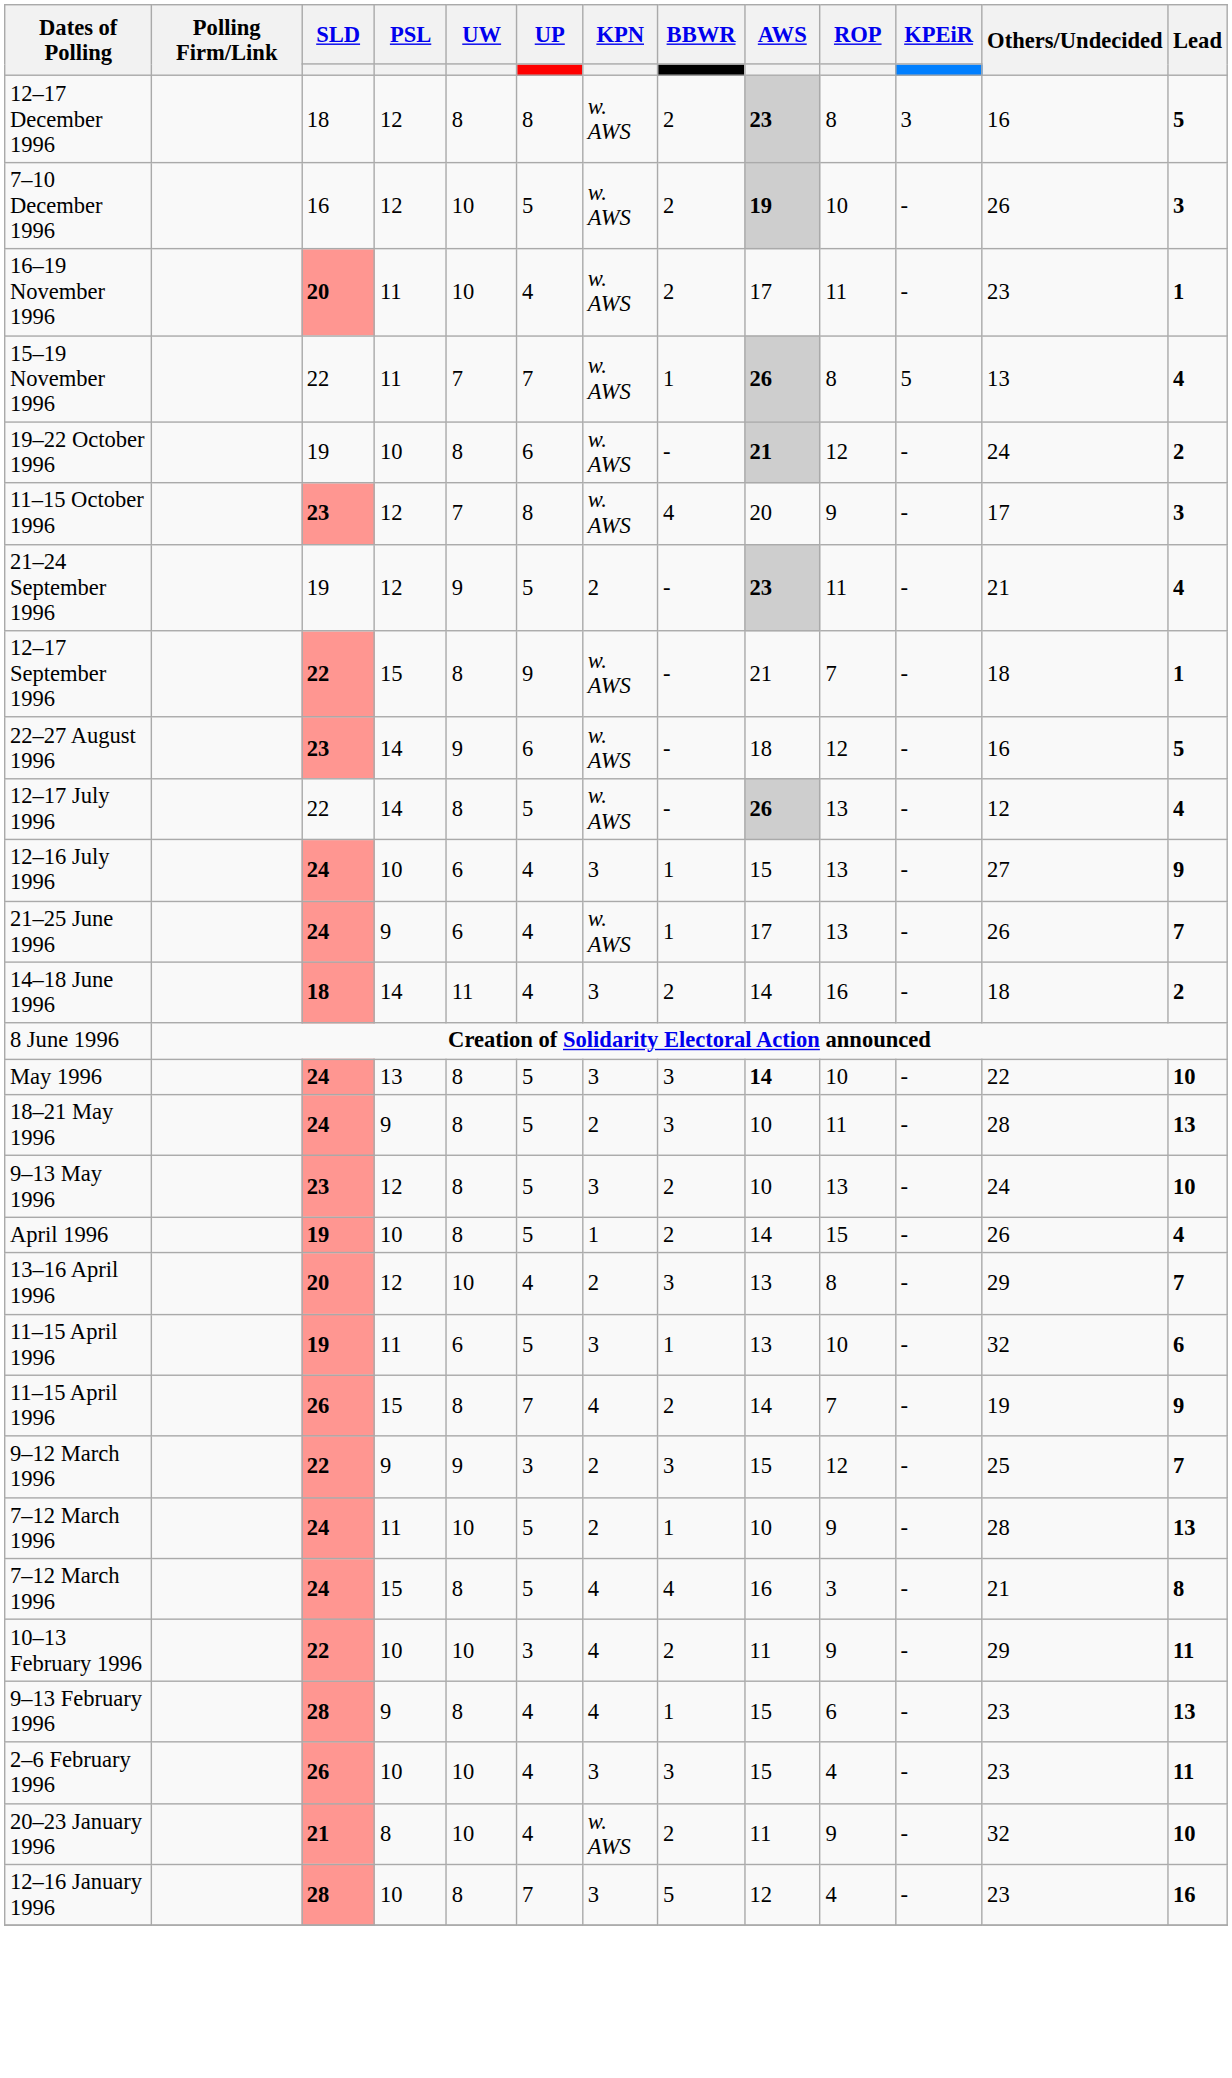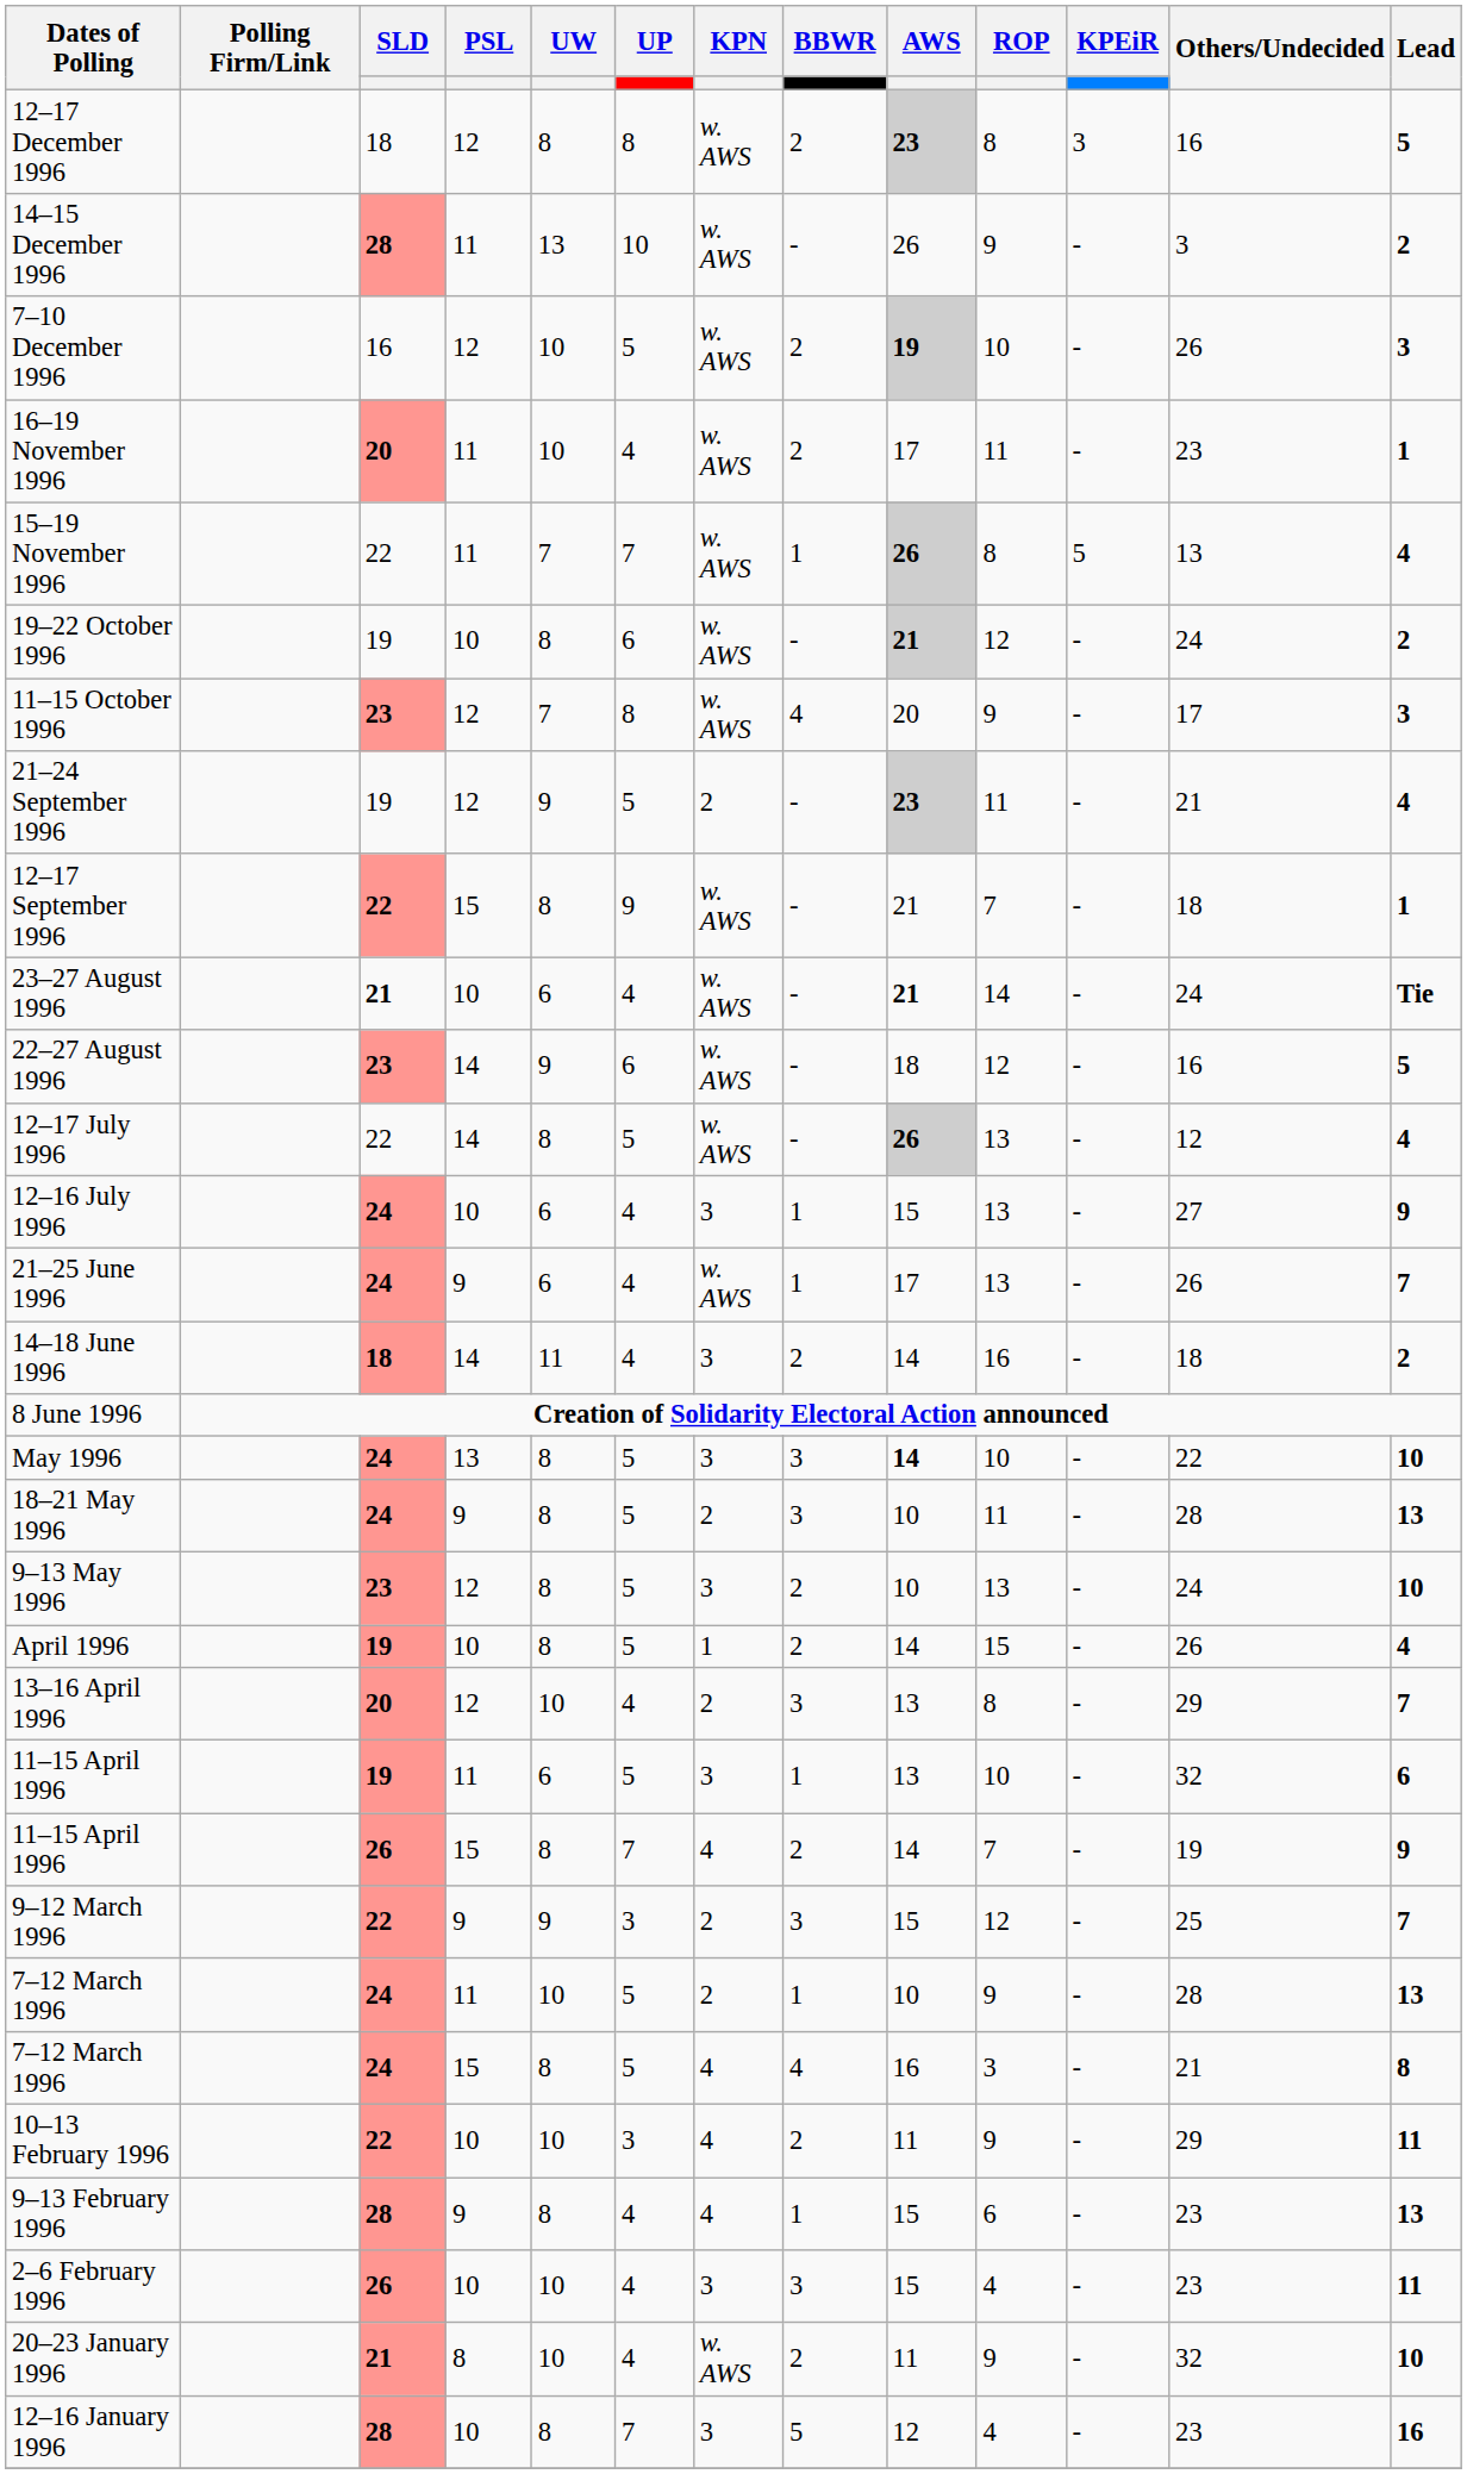 <table class="wikitable sortable collapsible">
 <tr style="height:42px; text-align:center; background-color:#E9E9E9">
 <th rowspan="2" data-sort-type="date" style="width:130px;">Dates of Polling</th>
 <th rowspan="2" style="width:130px;">Polling Firm/Link</th>
 <th style="width:60px;" class="unsortable"><a href='#'>SLD</a></th>
 <th style="width:60px;" class="unsortable"><a href='#'>PSL</a></th>
 <th style="width:60px;" class="unsortable"><a href='#'>UW</a></th>
 <th style="width:60px;" class="unsortable"><a href='#'>UP</a></th>
 <th style="width:60px;" class="unsortable"><a href='#'>KPN</a></th>
 <th style="width:60px;" class="unsortable"><a href='#'>BBWR</a></th>
 <th style="width:60px;" class="unsortable"><a href='#'>AWS</a></th>
 <th style="width:60px;" class="unsortable"><a href='#'>ROP</a></th>
 <th style="width:60px;" class="unsortable"><a href='#'>KPEiR</a></th>
 <th rowspan="2" data-sort-type="number" style="width:40px;">Others/Undecided</th>
 <th rowspan="2" data-sort-type="number" style="width:30px;">Lead</th>
 </tr>
 <tr>
 <th data-sort-type="number" style="height:1px; background:"></th>
 <th data-sort-type="number" style="height:1px; background:"></th>
 <th data-sort-type="number" style="height:1px; background:"></th>
 <th data-sort-type="number" style="height:1px; background:Red;"></th>
 <th data-sort-type="number" style="height:1px; background:"></th>
 <th data-sort-type="number" style="height:1px; background:Black;"></th>
 <th data-sort-type="number" style="height:1px; background:"></th>
 <th data-sort-type="number" style="height:1px; background:"></th>
 <th data-sort-type="number" style="height:1px; background:#007FFF;"></th>
 </tr>
 <tr>
 <td>12–17 December 1996</td>
 <td></td>
 <td>18</td>
 <td>12</td>
 <td>8</td>
 <td>8</td>
 <td><em>w. AWS</em></td>
 <td>2</td>
 <td style="background:#CECECE"><strong>23</strong></td>
 <td>8</td>
 <td>3</td>
 <td>16</td>
 <td style="background:"><strong>5</strong></td>
+</tr>
+<tr>
+<td>14–15 December 1996</td>
+<td></td>
+<td style="background:#FF9691"><strong>28</strong></td>
+<td>11</td>
+<td>13</td>
+<td>10</td>
+<td><em>w. AWS</em></td>
+<td>-</td>
+<td>26</td>
+<td>9</td>
+<td>-</td>
+<td>3</td>
+<td style="background:"><strong>2</strong></td>
 </tr>
 <tr>
 <td>7–10 December 1996</td>
 <td></td>
 <td>16</td>
 <td>12</td>
 <td>10</td>
 <td>5</td>
 <td><em>w. AWS</em></td>
 <td>2</td>
 <td style="background:#CECECE"><strong>19</strong></td>
 <td>10</td>
 <td>-</td>
 <td>26</td>
 <td style="background:"><strong>3</strong></td>
 </tr>
 <tr>
 <td>16–19 November 1996</td>
 <td></td>
 <td style="background:#FF9691"><strong>20</strong></td>
 <td>11</td>
 <td>10</td>
 <td>4</td>
 <td><em>w. AWS</em></td>
 <td>2</td>
 <td>17</td>
 <td>11</td>
 <td>-</td>
 <td>23</td>
 <td style="background:"><strong>1</strong></td>
 </tr>
 <tr>
 <td>15–19 November 1996</td>
 <td></td>
 <td>22</td>
 <td>11</td>
 <td>7</td>
 <td>7</td>
 <td><em>w. AWS</em></td>
 <td>1</td>
 <td style="background:#CECECE"><strong>26</strong></td>
 <td>8</td>
 <td>5</td>
 <td>13</td>
 <td style="background:"><strong>4</strong></td>
 </tr>
 <tr>
 <td>19–22 October 1996</td>
 <td></td>
 <td>19</td>
 <td>10</td>
 <td>8</td>
 <td>6</td>
 <td><em>w. AWS</em></td>
 <td>-</td>
 <td style="background:#CECECE"><strong>21</strong></td>
 <td>12</td>
 <td>-</td>
 <td>24</td>
 <td style="background:"><strong>2</strong></td>
 </tr>
 <tr>
 <td>11–15 October 1996</td>
 <td></td>
 <td style="background:#FF9691"><strong>23</strong></td>
 <td>12</td>
 <td>7</td>
 <td>8</td>
 <td><em>w. AWS</em></td>
 <td>4</td>
 <td>20</td>
 <td>9</td>
 <td>-</td>
 <td>17</td>
 <td style="background:"><strong>3</strong></td>
 </tr>
 <tr>
 <td>21–24 September 1996</td>
 <td></td>
 <td>19</td>
 <td>12</td>
 <td>9</td>
 <td>5</td>
 <td>2</td>
 <td>-</td>
 <td style="background:#CECECE"><strong>23</strong></td>
 <td>11</td>
 <td>-</td>
 <td>21</td>
 <td style="background:"><strong>4</strong></td>
 </tr>
 <tr>
 <td>12–17 September 1996</td>
 <td></td>
 <td style="background:#FF9691"><strong>22</strong></td>
 <td>15</td>
 <td>8</td>
 <td>9</td>
 <td><em>w. AWS</em></td>
 <td>-</td>
 <td>21</td>
 <td>7</td>
 <td>-</td>
 <td>18</td>
 <td style="background:"><strong>1</strong></td>
+</tr>
+<tr>
+<td>23–27 August 1996</td>
+<td></td>
+<td><strong>21</strong></td>
+<td>10</td>
+<td>6</td>
+<td>4</td>
+<td><em>w. AWS</em></td>
+<td>-</td>
+<td><strong>21</strong></td>
+<td>14</td>
+<td>-</td>
+<td>24</td>
+<td><strong>Tie</strong></td>
 </tr>
 <tr>
 <td>22–27 August 1996</td>
 <td></td>
 <td style="background:#FF9691"><strong>23</strong></td>
 <td>14</td>
 <td>9</td>
 <td>6</td>
 <td><em>w. AWS</em></td>
 <td>-</td>
 <td>18</td>
 <td>12</td>
 <td>-</td>
 <td>16</td>
 <td style="background:"><strong>5</strong></td>
 </tr>
 <tr>
 <td>12–17 July 1996</td>
 <td></td>
 <td>22</td>
 <td>14</td>
 <td>8</td>
 <td>5</td>
 <td><em>w. AWS</em></td>
 <td>-</td>
 <td style="background:#CECECE"><strong>26</strong></td>
 <td>13</td>
 <td>-</td>
 <td>12</td>
 <td style="background:"><strong>4</strong></td>
 </tr>
 <tr>
 <td>12–16 July 1996</td>
 <td></td>
 <td style="background:#FF9691"><strong>24</strong></td>
 <td>10</td>
 <td>6</td>
 <td>4</td>
 <td>3</td>
 <td>1</td>
 <td>15</td>
 <td>13</td>
 <td>-</td>
 <td>27</td>
 <td style="background:"><strong>9</strong></td>
 </tr>
 <tr>
 <td>21–25 June 1996</td>
 <td></td>
 <td style="background:#FF9691"><strong>24</strong></td>
 <td>9</td>
 <td>6</td>
 <td>4</td>
 <td><em>w. AWS</em></td>
 <td>1</td>
 <td>17</td>
 <td>13</td>
 <td>-</td>
 <td>26</td>
 <td style="background:"><strong>7</strong></td>
 </tr>
 <tr>
 <td>14–18 June 1996</td>
 <td></td>
 <td style="background:#FF9691"><strong>18</strong></td>
 <td>14</td>
 <td>11</td>
 <td>4</td>
 <td>3</td>
 <td>2</td>
 <td>14</td>
 <td>16</td>
 <td>-</td>
 <td>18</td>
 <td style="background:"><strong>2</strong></td>
 </tr>
 <tr>
 <td>8 June 1996</td>
 <td colspan="12" style="text-align:center"><strong>Creation of <a href='#'>Solidarity Electoral Action</a> announced</strong></td>
 </tr>
 <tr>
 <td>May 1996</td>
 <td></td>
 <td style="background:#FF9691"><strong>24</strong></td>
 <td>13</td>
 <td>8</td>
 <td>5</td>
 <td>3</td>
 <td>3</td>
 <td><strong>14</strong></td>
 <td>10</td>
 <td>-</td>
 <td>22</td>
 <td style="background:"><strong>10</strong></td>
 </tr>
 <tr>
 <td>18–21 May 1996</td>
 <td></td>
 <td style="background:#FF9691"><strong>24</strong></td>
 <td>9</td>
 <td>8</td>
 <td>5</td>
 <td>2</td>
 <td>3</td>
 <td>10</td>
 <td>11</td>
 <td>-</td>
 <td>28</td>
 <td style="background:"><strong>13</strong></td>
 </tr>
 <tr>
 <td>9–13 May 1996</td>
 <td></td>
 <td style="background:#FF9691"><strong>23</strong></td>
 <td>12</td>
 <td>8</td>
 <td>5</td>
 <td>3</td>
 <td>2</td>
 <td>10</td>
 <td>13</td>
 <td>-</td>
 <td>24</td>
 <td style="background:"><strong>10</strong></td>
 </tr>
 <tr>
 <td>April 1996</td>
 <td></td>
 <td style="background:#FF9691"><strong>19</strong></td>
 <td>10</td>
 <td>8</td>
 <td>5</td>
 <td>1</td>
 <td>2</td>
 <td>14</td>
 <td>15</td>
 <td>-</td>
 <td>26</td>
 <td style="background:"><strong>4</strong></td>
 </tr>
 <tr>
 <td>13–16 April 1996</td>
 <td></td>
 <td style="background:#FF9691"><strong>20</strong></td>
 <td>12</td>
 <td>10</td>
 <td>4</td>
 <td>2</td>
 <td>3</td>
 <td>13</td>
 <td>8</td>
 <td>-</td>
 <td>29</td>
 <td style="background:"><strong>7</strong></td>
 </tr>
 <tr>
 <td>11–15 April 1996</td>
 <td></td>
 <td style="background:#FF9691"><strong>19</strong></td>
 <td>11</td>
 <td>6</td>
 <td>5</td>
 <td>3</td>
 <td>1</td>
 <td>13</td>
 <td>10</td>
 <td>-</td>
 <td>32</td>
 <td style="background:"><strong>6</strong></td>
 </tr>
 <tr>
 <td>11–15 April 1996</td>
 <td></td>
 <td style="background:#FF9691"><strong>26</strong></td>
 <td>15</td>
 <td>8</td>
 <td>7</td>
 <td>4</td>
 <td>2</td>
 <td>14</td>
 <td>7</td>
 <td>-</td>
 <td>19</td>
 <td style="background:"><strong>9</strong></td>
 </tr>
 <tr>
 <td>9–12 March 1996</td>
 <td></td>
 <td style="background:#FF9691"><strong>22</strong></td>
 <td>9</td>
 <td>9</td>
 <td>3</td>
 <td>2</td>
 <td>3</td>
 <td>15</td>
 <td>12</td>
 <td>-</td>
 <td>25</td>
 <td style="background:"><strong>7</strong></td>
 </tr>
 <tr>
 <td>7–12 March 1996</td>
 <td></td>
 <td style="background:#FF9691"><strong>24</strong></td>
 <td>11</td>
 <td>10</td>
 <td>5</td>
 <td>2</td>
 <td>1</td>
 <td>10</td>
 <td>9</td>
 <td>-</td>
 <td>28</td>
 <td style="background:"><strong>13</strong></td>
 </tr>
 <tr>
 <td>7–12 March 1996</td>
 <td></td>
 <td style="background:#FF9691"><strong>24</strong></td>
 <td>15</td>
 <td>8</td>
 <td>5</td>
 <td>4</td>
 <td>4</td>
 <td>16</td>
 <td>3</td>
 <td>-</td>
 <td>21</td>
 <td style="background:"><strong>8</strong></td>
 </tr>
 <tr>
 <td>10–13 February 1996</td>
 <td></td>
 <td style="background:#FF9691"><strong>22</strong></td>
 <td>10</td>
 <td>10</td>
 <td>3</td>
 <td>4</td>
 <td>2</td>
 <td>11</td>
 <td>9</td>
 <td>-</td>
 <td>29</td>
 <td style="background:"><strong>11</strong></td>
 </tr>
 <tr>
 <td>9–13 February 1996</td>
 <td></td>
 <td style="background:#FF9691"><strong>28</strong></td>
 <td>9</td>
 <td>8</td>
 <td>4</td>
 <td>4</td>
 <td>1</td>
 <td>15</td>
 <td>6</td>
 <td>-</td>
 <td>23</td>
 <td style="background:"><strong>13</strong></td>
 </tr>
 <tr>
 <td>2–6 February 1996</td>
 <td></td>
 <td style="background:#FF9691"><strong>26</strong></td>
 <td>10</td>
 <td>10</td>
 <td>4</td>
 <td>3</td>
 <td>3</td>
 <td>15</td>
 <td>4</td>
 <td>-</td>
 <td>23</td>
 <td style="background:"><strong>11</strong></td>
 </tr>
 <tr>
 <td>20–23 January 1996</td>
 <td></td>
 <td style="background:#FF9691"><strong>21</strong></td>
 <td>8</td>
 <td>10</td>
 <td>4</td>
 <td><em>w. AWS</em></td>
 <td>2</td>
 <td>11</td>
 <td>9</td>
 <td>-</td>
 <td>32</td>
 <td style="background:"><strong>10</strong></td>
 </tr>
 <tr>
 <td>12–16 January 1996</td>
 <td></td>
 <td style="background:#FF9691"><strong>28</strong></td>
 <td>10</td>
 <td>8</td>
 <td>7</td>
 <td>3</td>
 <td>5</td>
 <td>12</td>
 <td>4</td>
 <td>-</td>
 <td>23</td>
 <td style="background:"><strong>16</strong></td>
 </tr>
 <tr>
 </tr>
 </table>
